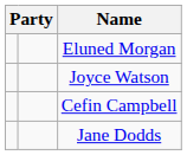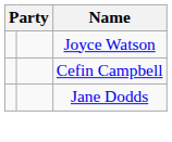 <table class="wikitable" style="text-align:center">
 <tr>
 <th colspan="2">Party</th>
 <th>Name</th>
-</tr>
-<tr>
-<td style="width: 4px"></td>
-<td style="text-align: left;" scope="row"><a href='#'></a></td>
-<td><a href='#'>Eluned Morgan</a></td>
 </tr>
 <tr>
 <td style="width: 4px"></td>
 <td style="text-align: left;" scope="row"><a href='#'></a></td>
 <td><a href='#'>Joyce Watson</a></td>
 </tr>
 <tr>
 <td style="width: 4px"></td>
 <td style="text-align: left;" scope="row"><a href='#'></a></td>
 <td><a href='#'>Cefin Campbell</a></td>
 </tr>
 <tr>
 <td style="width: 4px"></td>
 <td style="text-align: left;" scope="row"><a href='#'></a></td>
 <td><a href='#'>Jane Dodds</a></td>
 </tr>
 </table>
